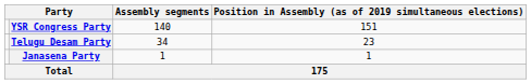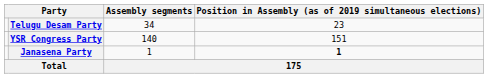 <table class="wikitable" style="text-align:center">
 <tr>
 <th colspan=2>Party</th>
 <th>Assembly segments</th>
 <th>Position in Assembly (as of 2019 simultaneous elections)</th>
+</tr>
+<tr>
+<td></td>
+<th><a href='#'>Telugu Desam Party</a></th>
+<td>34</td>
+<td>23</td>
 </tr>
 <tr>
 <td></td>
 <th><a href='#'>YSR Congress Party</a></th>
 <td>140</td>
 <td>151</td>
 </tr>
 <tr>
 <td></td>
-<th><a href='#'>Telugu Desam Party</a></th>
-<td>34</td>
-<td>23</td>
-</tr>
-<tr>
-<td></td>
 <th><a href='#'>Janasena Party</a></th>
 <td>1</td>
-<td>1</td>
+<td><strong>1</strong></td>
 </tr>
 <tr>
 <th colspan=2>Total</th>
 <th colspan=2>175</th>
 </tr>
 </table>
